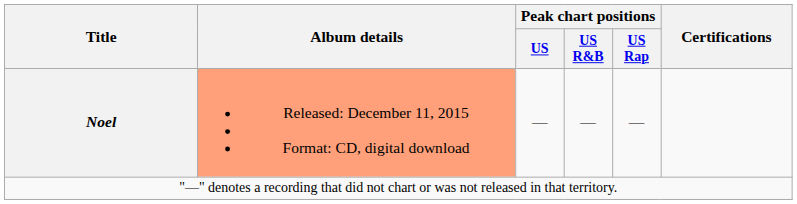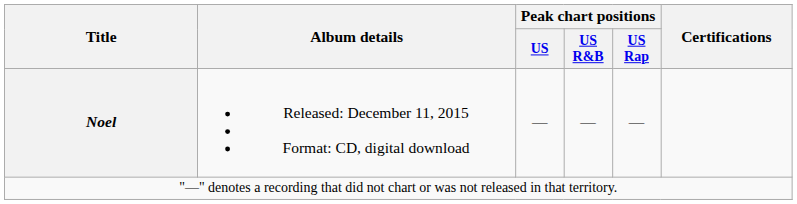 <table class="wikitable plainrowheaders" style="text-align:center;">
 <tr>
 <th scope="col" rowspan="2" style="width:12em;">Title</th>
 <th scope="col" rowspan="2" style="width:20em;">Album details</th>
 <th scope="col" colspan="3">Peak chart positions</th>
 <th scope="col" rowspan="2" style="width:8em;">Certifications</th>
 </tr>
 <tr>
 <th scope="col" style="width:3em;font-size:90%;"><a href='#'>US</a></th>
 <th scope="col" style="width:3em;font-size:90%;"><a href='#'>US<br>R&B</a></th>
 <th scope="col" style="width:3em;font-size:90%;"><a href='#'>US<br>Rap</a></th>
 </tr>
 <tr>
 <th scope="row"><em>Noel</em></th>
-<td style="background: lightsalmon;"><br><ul><li>Released: December 11, 2015</li><li></li><li>Format: CD, digital download</li></ul></td>
+<td><br><ul><li>Released: December 11, 2015</li><li></li><li>Format: CD, digital download</li></ul></td>
 <td>—</td>
 <td>—</td>
 <td>—</td>
 <td></td>
 </tr>
 <tr>
 <td colspan="8" style="font-size:90%">"—" denotes a recording that did not chart or was not released in that territory.</td>
 </tr>
 </table>
